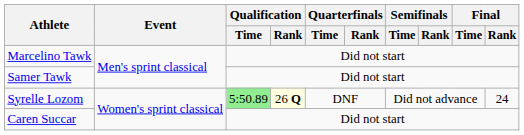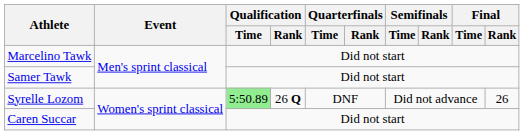 <table class="wikitable" style="font-size:90%">
 <tr>
 <th rowspan=2>Athlete</th>
 <th rowspan=2>Event</th>
 <th colspan=2>Qualification</th>
 <th colspan=2>Quarterfinals</th>
 <th colspan=2>Semifinals</th>
 <th colspan=2>Final</th>
 </tr>
 <tr style="font-size:95%">
 <th>Time</th>
 <th>Rank</th>
 <th>Time</th>
 <th>Rank</th>
 <th>Time</th>
 <th>Rank</th>
 <th>Time</th>
 <th>Rank</th>
 </tr>
 <tr align=center>
 <td align=left><a href='#'>Marcelino Tawk</a></td>
 <td align=left rowspan=2><a href='#'>Men's sprint classical</a></td>
 <td colspan=8>Did not start</td>
 </tr>
 <tr align=center>
 <td align=left><a href='#'>Samer Tawk</a></td>
 <td colspan=8>Did not start</td>
 </tr>
 <tr align=center>
 <td align=left><a href='#'>Syrelle Lozom</a></td>
 <td align=left rowspan=2><a href='#'>Women's sprint classical</a></td>
 <td style="background: lightgreen;">5:50.89</td>
-<td style="background: lightyellow;">26 <strong>Q</strong></td>
+<td>26 <strong>Q</strong></td>
 <td colspan=2>DNF</td>
 <td colspan=3>Did not advance</td>
-<td>24</td>
+<td>26</td>
 </tr>
 <tr align=center>
 <td align=left><a href='#'>Caren Succar</a></td>
 <td colspan=8>Did not start</td>
 </tr>
 </table>
